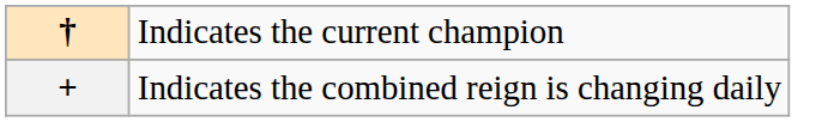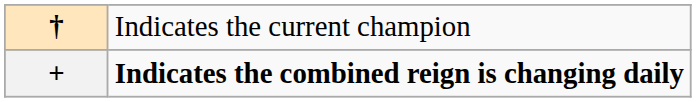 <table class="wikitable">
 <tr>
 <th style="background-color:#ffe6bd" width=50px>†</th>
 <td>Indicates the current champion</td>
 </tr>
 <tr>
 <th>+</th>
-<td>Indicates the combined reign is changing daily</td>
+<td><strong>Indicates the combined reign is changing daily</strong></td>
 </tr>
 </table>
